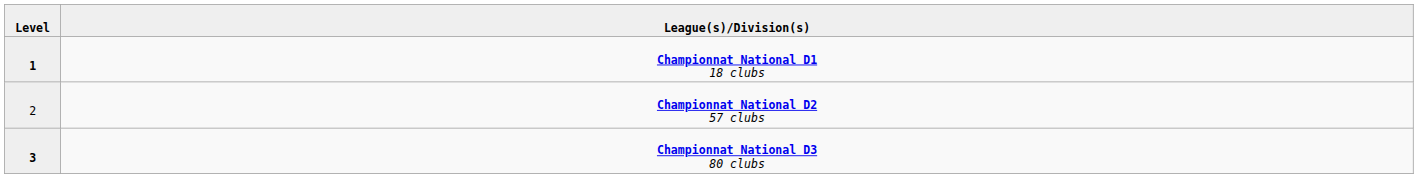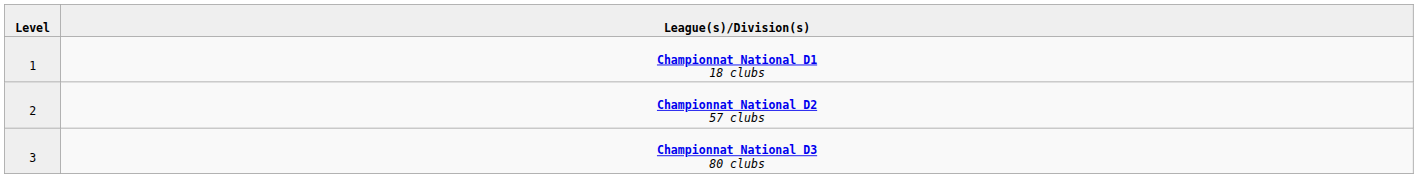 <table class="wikitable" style="text-align:center; width:100%;">
 <tr style="background:#efefef;">
 <td style="width:4%; text-align:center;"><br><strong>Level</strong></td>
 <td colspan="12"  style="width:96%; text-align:center;"><br><strong>League(s)/Division(s)</strong></td>
 </tr>
 <tr>
-<td style="text-align:center; width:4%; background:#efefef;"><strong><br>1</strong></td>
+<td style="text-align:center; width:4%; background:#efefef;"><br>1</td>
 <td colspan="12"  style="width:96%; text-align:center;"><br><strong><a href='#'>Championnat National D1</a></strong><br> <em>18 clubs</em><br></td>
 </tr>
 <tr>
 <td style="text-align:center; width:4%; background:#efefef;"><br>2</td>
 <td colspan="12"  style="width:96%; text-align:center;"><br><strong><a href='#'>Championnat National D2</a></strong><br> <em>57 clubs</em><br></td>
 </tr>
 <tr>
-<td style="text-align:center; width:4%; background:#efefef;"><strong><br>3</strong></td>
+<td style="text-align:center; width:4%; background:#efefef;"><br>3</td>
 <td colspan="12"  style="width:96%; text-align:center;"><br><strong><a href='#'>Championnat National D3</a></strong><br> <em>80 clubs</em><br></td>
 </tr>
 </table>
